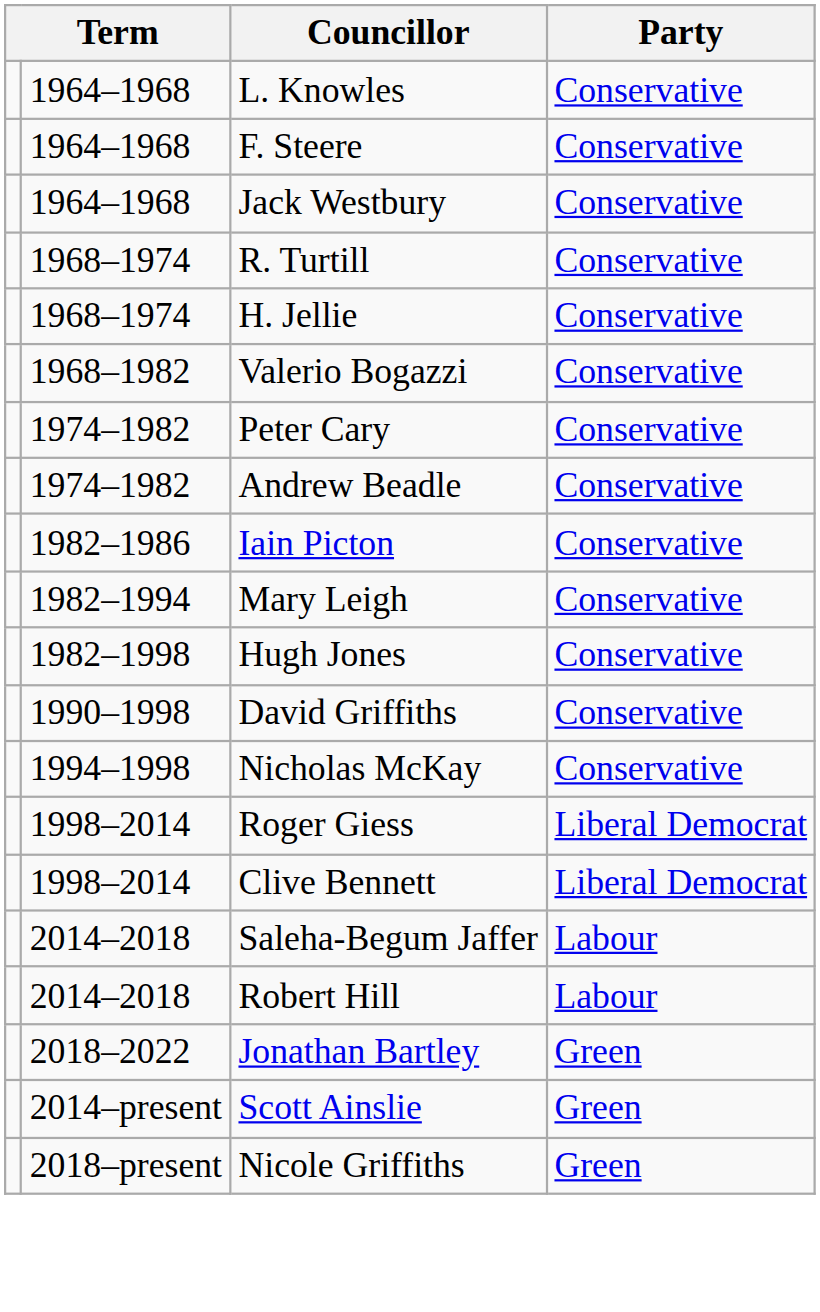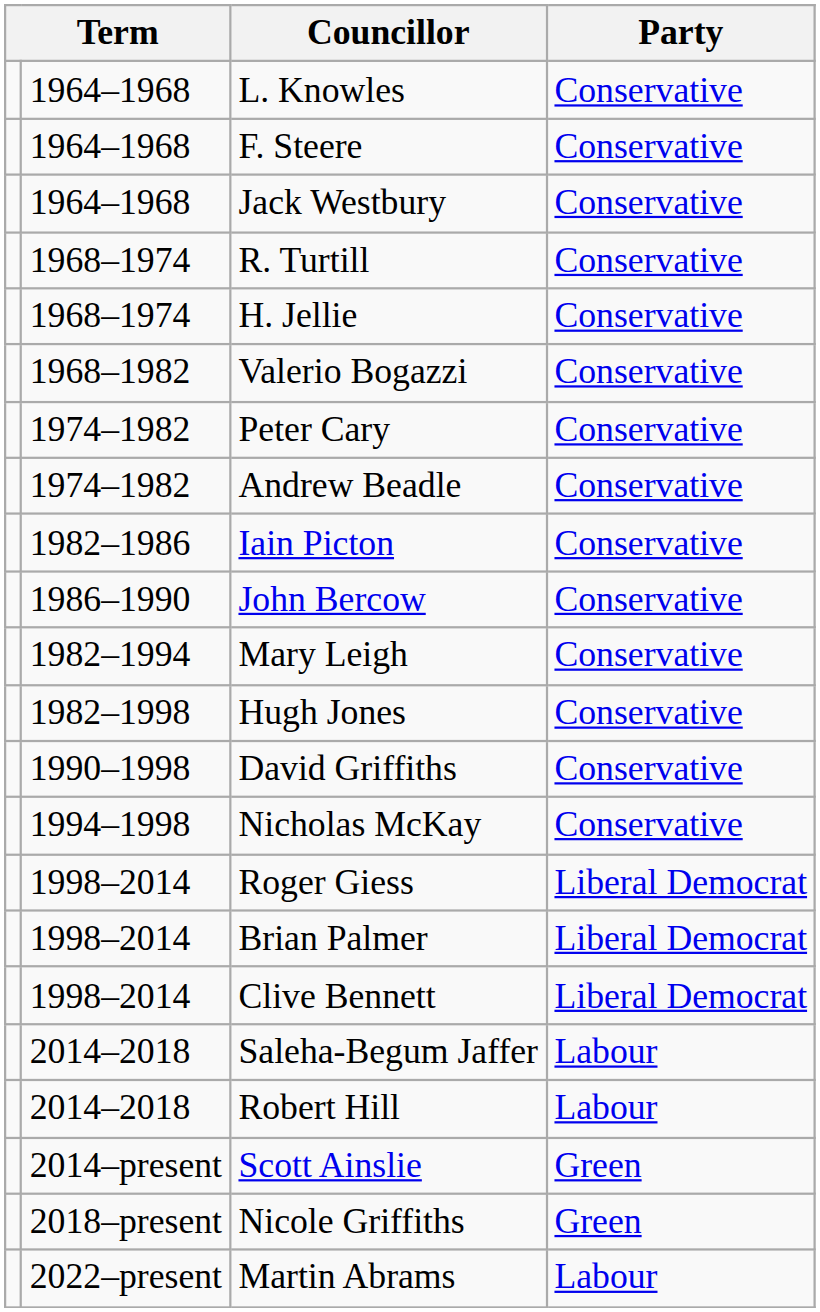 <table class="wikitable">
 <tr>
 <th colspan=2>Term</th>
 <th>Councillor</th>
 <th>Party</th>
 </tr>
 <tr>
 <td style="background-color: "></td>
 <td>1964–1968</td>
 <td>L. Knowles</td>
 <td><a href='#'>Conservative</a></td>
 </tr>
 <tr>
 <td style="background-color: "></td>
 <td>1964–1968</td>
 <td>F. Steere</td>
 <td><a href='#'>Conservative</a></td>
 </tr>
 <tr>
 <td style="background-color: "></td>
 <td>1964–1968</td>
 <td>Jack Westbury</td>
 <td><a href='#'>Conservative</a></td>
 </tr>
 <tr>
 <td style="background-color: "></td>
 <td>1968–1974</td>
 <td>R. Turtill</td>
 <td><a href='#'>Conservative</a></td>
 </tr>
 <tr>
 <td style="background-color: "></td>
 <td>1968–1974</td>
 <td>H. Jellie</td>
 <td><a href='#'>Conservative</a></td>
 </tr>
 <tr>
 <td style="background-color: "></td>
 <td>1968–1982</td>
 <td>Valerio Bogazzi</td>
 <td><a href='#'>Conservative</a></td>
 </tr>
 <tr>
 <td style="background-color: "></td>
 <td>1974–1982</td>
 <td>Peter Cary</td>
 <td><a href='#'>Conservative</a></td>
 </tr>
 <tr>
 <td style="background-color: "></td>
 <td>1974–1982</td>
 <td>Andrew Beadle</td>
 <td><a href='#'>Conservative</a></td>
 </tr>
 <tr>
 <td style="background-color: "></td>
 <td>1982–1986</td>
 <td><a href='#'>Iain Picton</a></td>
 <td><a href='#'>Conservative</a></td>
 </tr>
 <tr>
 <td style="background-color: "></td>
+<td>1986–1990</td>
+<td><a href='#'>John Bercow</a></td>
+<td><a href='#'>Conservative</a></td>
+</tr>
+<tr>
+<td style="background-color: "></td>
 <td>1982–1994</td>
 <td>Mary Leigh</td>
 <td><a href='#'>Conservative</a></td>
 </tr>
 <tr>
 <td style="background-color: "></td>
 <td>1982–1998</td>
 <td>Hugh Jones</td>
 <td><a href='#'>Conservative</a></td>
 </tr>
 <tr>
 <td style="background-color: "></td>
 <td>1990–1998</td>
 <td>David Griffiths</td>
 <td><a href='#'>Conservative</a></td>
 </tr>
 <tr>
 <td style="background-color: "></td>
 <td>1994–1998</td>
 <td>Nicholas McKay</td>
 <td><a href='#'>Conservative</a></td>
 </tr>
 <tr>
 <td style="background-color: "></td>
 <td>1998–2014</td>
 <td>Roger Giess</td>
 <td><a href='#'>Liberal Democrat</a></td>
 </tr>
 <tr>
 <td style="background-color: "></td>
 <td>1998–2014</td>
+<td>Brian Palmer</td>
+<td><a href='#'>Liberal Democrat</a></td>
+</tr>
+<tr>
+<td style="background-color: "></td>
+<td>1998–2014</td>
 <td>Clive Bennett</td>
 <td><a href='#'>Liberal Democrat</a></td>
 </tr>
 <tr>
 <td style="background-color: "></td>
 <td>2014–2018</td>
 <td>Saleha-Begum Jaffer</td>
 <td><a href='#'>Labour</a></td>
 </tr>
 <tr>
 <td style="background-color: "></td>
 <td>2014–2018</td>
 <td>Robert Hill</td>
 <td><a href='#'>Labour</a></td>
 </tr>
 <tr>
 <td style="background-color: "></td>
-<td>2018–2022</td>
-<td><a href='#'>Jonathan Bartley</a></td>
-<td><a href='#'>Green</a></td>
-</tr>
-<tr>
-<td style="background-color: "></td>
 <td>2014–present</td>
 <td><a href='#'>Scott Ainslie</a></td>
 <td><a href='#'>Green</a></td>
 </tr>
 <tr>
 <td style="background-color: "></td>
 <td>2018–present</td>
 <td>Nicole Griffiths</td>
 <td><a href='#'>Green</a></td>
 </tr>
+<tr>
+<td style="background-color: "></td>
+<td>2022–present</td>
+<td>Martin Abrams</td>
+<td><a href='#'>Labour</a></td>
+</tr>
 </table>
